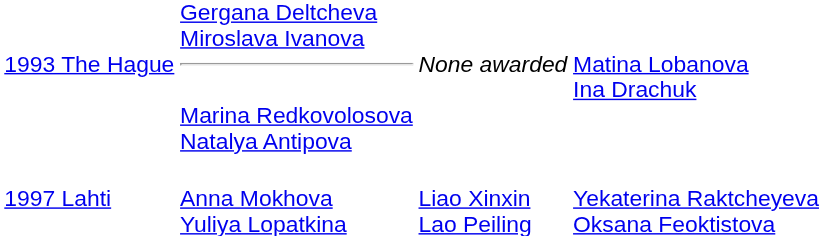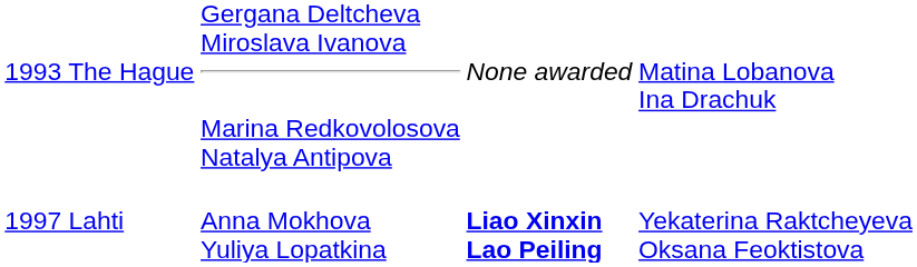 <table>
 <tr>
 <td><a href='#'>1993 The Hague</a></td>
 <td><br><a href='#'>Gergana Deltcheva</a><br><a href='#'>Miroslava Ivanova</a><hr><br><a href='#'>Marina Redkovolosova</a><br><a href='#'>Natalya Antipova</a></td>
 <td><em>None awarded</em></td>
 <td><br><a href='#'>Matina Lobanova</a><br><a href='#'>Ina Drachuk</a></td>
 </tr>
 <tr>
 <td><a href='#'>1997 Lahti</a></td>
 <td><br><a href='#'>Anna Mokhova</a><br><a href='#'>Yuliya Lopatkina</a></td>
-<td><br><a href='#'>Liao Xinxin</a><br><a href='#'>Lao Peiling</a></td>
+<td><strong><br><a href='#'>Liao Xinxin</a><br><a href='#'>Lao Peiling</a></strong></td>
 <td><br><a href='#'>Yekaterina Raktcheyeva</a><br><a href='#'>Oksana Feoktistova</a></td>
 </tr>
 </table>
